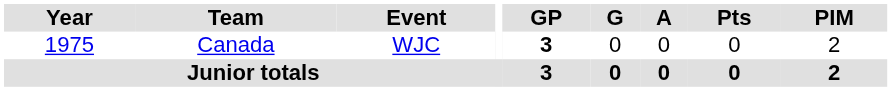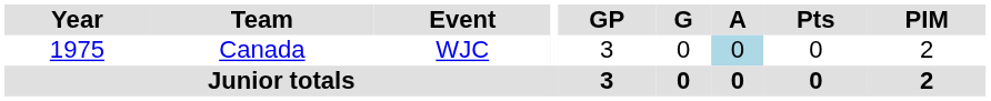 <table border="0" cellpadding="1" cellspacing="0" ID="Table3" style="text-align:center; width:40em">
 <tr bgcolor="#e0e0e0">
 <th>Year</th>
 <th>Team</th>
 <th>Event</th>
 <th rowspan="102" bgcolor="#ffffff"></th>
 <th>GP</th>
 <th>G</th>
 <th>A</th>
 <th>Pts</th>
 <th>PIM</th>
 </tr>
 <tr>
 <td><a href='#'>1975</a></td>
 <td><a href='#'>Canada</a></td>
 <td><a href='#'>WJC</a></td>
-<td><strong>3</strong></td>
+<td>3</td>
 <td>0</td>
-<td>0</td>
+<td style="background: lightblue;">0</td>
 <td>0</td>
 <td>2</td>
 </tr>
 <tr bgcolor="#e0e0e0">
 <th colspan="4">Junior totals</th>
 <th>3</th>
 <th>0</th>
 <th>0</th>
 <th>0</th>
 <th>2</th>
 </tr>
 </table>
